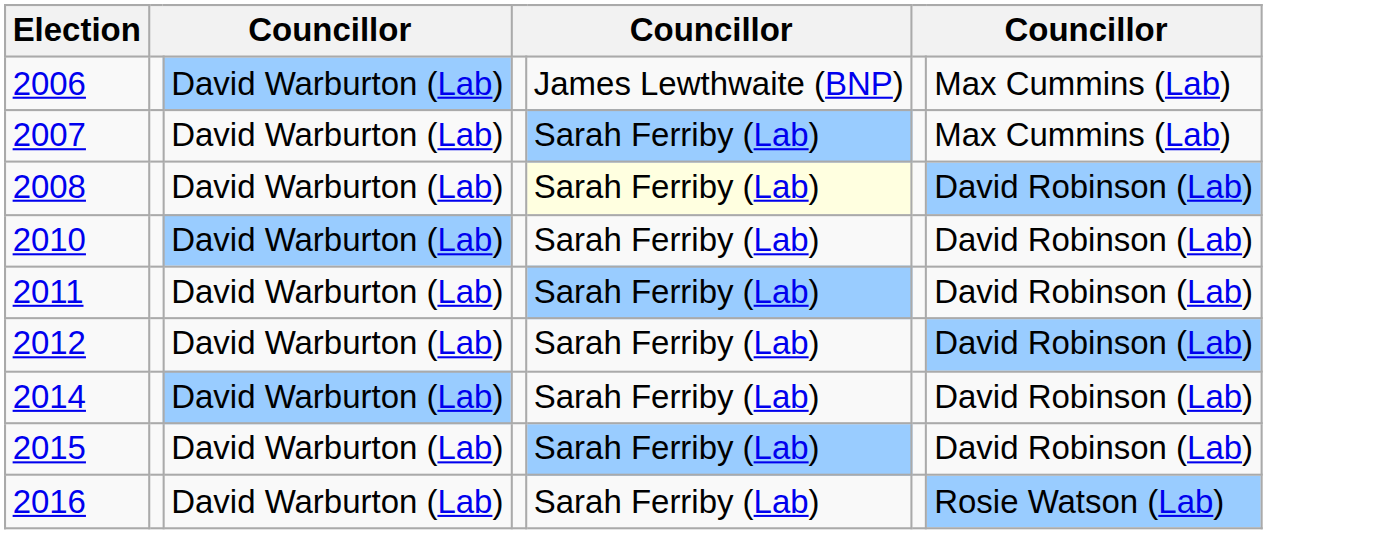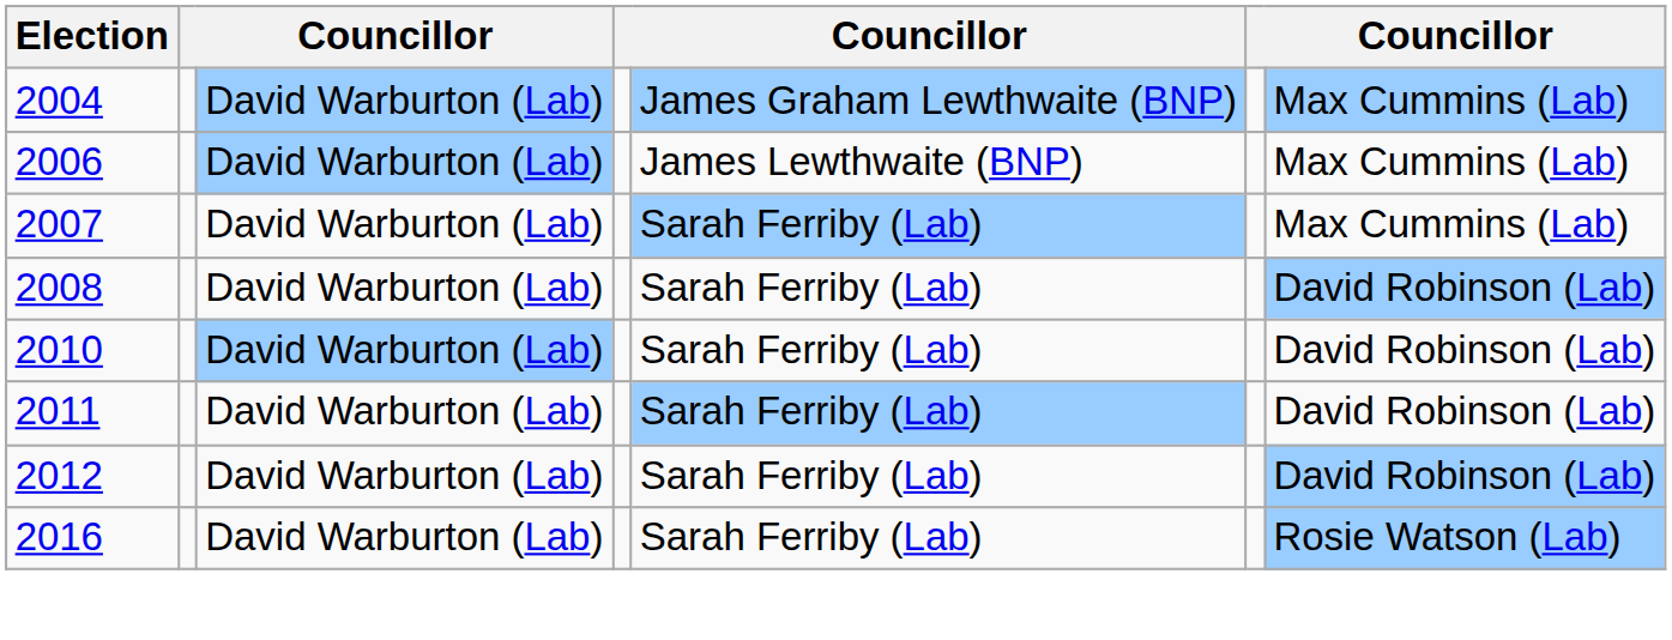 <table class="wikitable">
 <tr>
 <th>Election</th>
 <th colspan="2">Councillor</th>
 <th colspan="2">Councillor</th>
 <th colspan="2">Councillor</th>
+</tr>
+<tr>
+<td><a href='#'>2004</a></td>
+<td style="background-color: "></td>
+<td bgcolor="#99CCFF">David Warburton (<a href='#'>Lab</a>)</td>
+<td style="background-color: "></td>
+<td bgcolor="#99CCFF">James Graham Lewthwaite (<a href='#'>BNP</a>)</td>
+<td style="background-color: "></td>
+<td bgcolor="#99CCFF">Max Cummins (<a href='#'>Lab</a>)</td>
 </tr>
 <tr>
 <td><a href='#'>2006</a></td>
 <td style="background-color: "></td>
 <td bgcolor="#99CCFF">David Warburton (<a href='#'>Lab</a>)</td>
 <td style="background-color: "></td>
 <td>James Lewthwaite (<a href='#'>BNP</a>)</td>
 <td style="background-color: "></td>
 <td>Max Cummins (<a href='#'>Lab</a>)</td>
 </tr>
 <tr>
 <td><a href='#'>2007</a></td>
 <td style="background-color: "></td>
 <td>David Warburton (<a href='#'>Lab</a>)</td>
 <td style="background-color: "></td>
 <td bgcolor="#99CCFF">Sarah Ferriby (<a href='#'>Lab</a>)</td>
 <td style="background-color: "></td>
 <td>Max Cummins (<a href='#'>Lab</a>)</td>
 </tr>
 <tr>
 <td><a href='#'>2008</a></td>
 <td style="background-color: "></td>
 <td>David Warburton (<a href='#'>Lab</a>)</td>
 <td style="background-color: "></td>
-<td style="background: lightyellow;">Sarah Ferriby (<a href='#'>Lab</a>)</td>
+<td>Sarah Ferriby (<a href='#'>Lab</a>)</td>
 <td style="background-color: "></td>
 <td bgcolor="#99CCFF">David Robinson (<a href='#'>Lab</a>)</td>
 </tr>
 <tr>
 <td><a href='#'>2010</a></td>
 <td style="background-color: "></td>
 <td bgcolor="#99CCFF">David Warburton (<a href='#'>Lab</a>)</td>
 <td style="background-color: "></td>
 <td>Sarah Ferriby (<a href='#'>Lab</a>)</td>
 <td style="background-color: "></td>
 <td>David Robinson (<a href='#'>Lab</a>)</td>
 </tr>
 <tr>
 <td><a href='#'>2011</a></td>
 <td style="background-color: "></td>
 <td>David Warburton (<a href='#'>Lab</a>)</td>
 <td style="background-color: "></td>
 <td bgcolor="#99CCFF">Sarah Ferriby (<a href='#'>Lab</a>)</td>
 <td style="background-color: "></td>
 <td>David Robinson (<a href='#'>Lab</a>)</td>
 </tr>
 <tr>
 <td><a href='#'>2012</a></td>
 <td style="background-color: "></td>
 <td>David Warburton (<a href='#'>Lab</a>)</td>
 <td style="background-color: "></td>
 <td>Sarah Ferriby (<a href='#'>Lab</a>)</td>
 <td style="background-color: "></td>
 <td bgcolor="#99CCFF">David Robinson (<a href='#'>Lab</a>)</td>
 </tr>
 <tr>
-<td><a href='#'>2014</a></td>
-<td style="background-color: "></td>
-<td bgcolor="#99CCFF">David Warburton (<a href='#'>Lab</a>)</td>
-<td style="background-color: "></td>
-<td>Sarah Ferriby (<a href='#'>Lab</a>)</td>
-<td style="background-color: "></td>
-<td>David Robinson (<a href='#'>Lab</a>)</td>
-</tr>
-<tr>
-<td><a href='#'>2015</a></td>
-<td style="background-color: "></td>
-<td>David Warburton (<a href='#'>Lab</a>)</td>
-<td style="background-color: "></td>
-<td bgcolor="#99CCFF">Sarah Ferriby (<a href='#'>Lab</a>)</td>
-<td style="background-color: "></td>
-<td>David Robinson (<a href='#'>Lab</a>)</td>
-</tr>
-<tr>
 <td><a href='#'>2016</a></td>
 <td style="background-color: "></td>
 <td>David Warburton (<a href='#'>Lab</a>)</td>
 <td style="background-color: "></td>
 <td>Sarah Ferriby (<a href='#'>Lab</a>)</td>
 <td style="background-color: "></td>
 <td bgcolor="#99CCFF">Rosie Watson (<a href='#'>Lab</a>)</td>
 </tr>
 </table>
